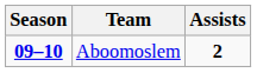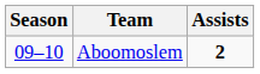 <table class="wikitable" style="text-align: center;">
 <tr>
 <th>Season</th>
 <th>Team</th>
 <th>Assists</th>
 </tr>
 <tr>
-<td><strong><a href='#'>09–10</a></strong></td>
+<td><a href='#'>09–10</a></td>
 <td align="left"><a href='#'>Aboomoslem</a></td>
 <td><strong>2</strong></td>
 </tr>
 <tr>
 </tr>
 </table>
